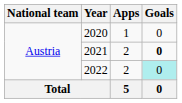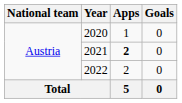 <table class="wikitable" style="text-align:center">
 <tr>
 <th>National team</th>
 <th>Year</th>
 <th>Apps</th>
 <th>Goals</th>
 </tr>
 <tr>
 <td rowspan="3"><a href='#'>Austria</a></td>
 <td>2020</td>
 <td>1</td>
 <td>0</td>
 </tr>
 <tr>
 <td>2021</td>
-<td>2</td>
-<td><strong>0</strong></td>
+<td><strong>2</strong></td>
+<td>0</td>
 </tr>
 <tr>
 <td>2022</td>
 <td>2</td>
-<td style="background: paleturquoise;">0</td>
+<td>0</td>
 </tr>
 <tr>
 <th colspan="2">Total</th>
 <th>5</th>
 <th>0</th>
 </tr>
 </table>
